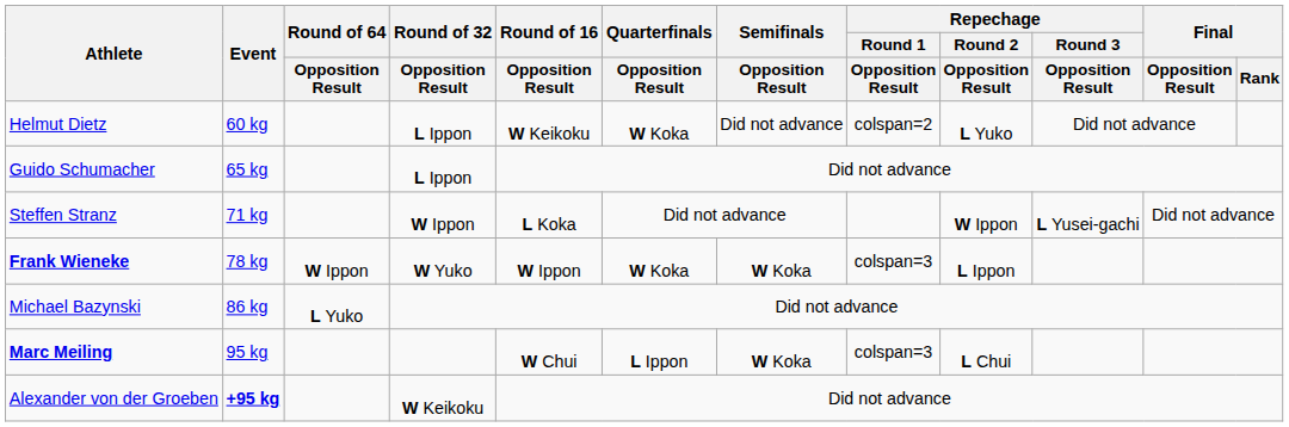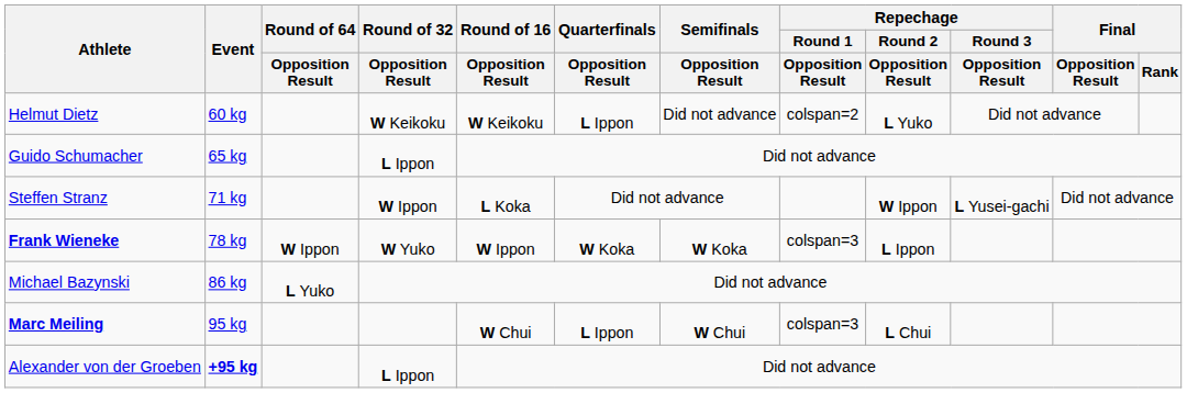 <table class="wikitable" style="font-size:90%">
 <tr>
 <th rowspan="3">Athlete</th>
 <th rowspan="3">Event</th>
 <th rowspan="2">Round of 64</th>
 <th rowspan="2">Round of 32</th>
 <th rowspan="2">Round of 16</th>
 <th rowspan="2">Quarterfinals</th>
 <th rowspan="2">Semifinals</th>
 <th colspan=3>Repechage</th>
 <th rowspan="2" colspan=2>Final</th>
 </tr>
 <tr style="font-size:95%">
 <th>Round 1</th>
 <th>Round 2</th>
 <th>Round 3</th>
 </tr>
 <tr style="font-size:95%">
 <th>Opposition<br>Result</th>
 <th>Opposition<br>Result</th>
 <th>Opposition<br>Result</th>
 <th>Opposition<br>Result</th>
 <th>Opposition<br>Result</th>
 <th>Opposition<br>Result</th>
 <th>Opposition<br>Result</th>
 <th>Opposition<br>Result</th>
 <th>Opposition<br>Result</th>
 <th>Rank</th>
 </tr>
 <tr align=center>
 <td align=left><a href='#'>Helmut Dietz</a></td>
 <td align=left><a href='#'>60 kg</a></td>
 <td></td>
+<td><br><strong>W</strong> Keikoku</td>
+<td><br><strong>W</strong> Keikoku</td>
 <td><br><strong>L</strong> Ippon</td>
-<td><br><strong>W</strong> Keikoku</td>
-<td><br><strong>W</strong> Koka</td>
 <td>Did not advance</td>
 <td>colspan=2</td>
 <td><br><strong>L</strong> Yuko</td>
 <td colspan=2>Did not advance</td>
 </tr>
 <tr align=center>
 <td align=left><a href='#'>Guido Schumacher</a></td>
 <td align=left><a href='#'>65 kg</a></td>
 <td></td>
 <td><br><strong>L</strong> Ippon</td>
 <td colspan=8>Did not advance</td>
 </tr>
 <tr align=center>
 <td align=left><a href='#'>Steffen Stranz</a></td>
 <td align=left><a href='#'>71 kg</a></td>
 <td></td>
 <td><br><strong>W</strong> Ippon</td>
 <td><br><strong>L</strong> Koka</td>
 <td colspan=2>Did not advance</td>
 <td></td>
 <td><br><strong>W</strong> Ippon</td>
 <td><br><strong>L</strong> Yusei-gachi</td>
 <td colspan=2>Did not advance</td>
 </tr>
 <tr align=center>
 <td align=left><strong><a href='#'>Frank Wieneke</a></strong></td>
 <td align=left><a href='#'>78 kg</a></td>
 <td><br><strong>W</strong> Ippon</td>
 <td><br><strong>W</strong> Yuko</td>
 <td><br><strong>W</strong> Ippon</td>
 <td><br><strong>W</strong> Koka</td>
 <td><br><strong>W</strong> Koka</td>
 <td>colspan=3</td>
 <td><br><strong>L</strong> Ippon</td>
 <td></td>
 </tr>
 <tr align=center>
 <td align=left><a href='#'>Michael Bazynski</a></td>
 <td align=left><a href='#'>86 kg</a></td>
 <td><br><strong>L</strong> Yuko</td>
 <td colspan=9>Did not advance</td>
 </tr>
 <tr align=center>
 <td align=left><strong><a href='#'>Marc Meiling</a></strong></td>
 <td align=left><a href='#'>95 kg</a></td>
 <td></td>
 <td></td>
 <td><br><strong>W</strong> Chui</td>
 <td><br><strong>L</strong> Ippon</td>
-<td><br><strong>W</strong> Koka</td>
+<td><br><strong>W</strong> Chui</td>
 <td>colspan=3</td>
 <td><br><strong>L</strong> Chui</td>
 <td></td>
 </tr>
 <tr align=center>
 <td align=left><a href='#'>Alexander von der Groeben</a></td>
 <td align=left><strong><a href='#'>+95 kg</a></strong></td>
 <td></td>
-<td><br><strong>W</strong> Keikoku</td>
+<td><br><strong>L</strong> Ippon</td>
 <td colspan=8>Did not advance</td>
 </tr>
 </table>
